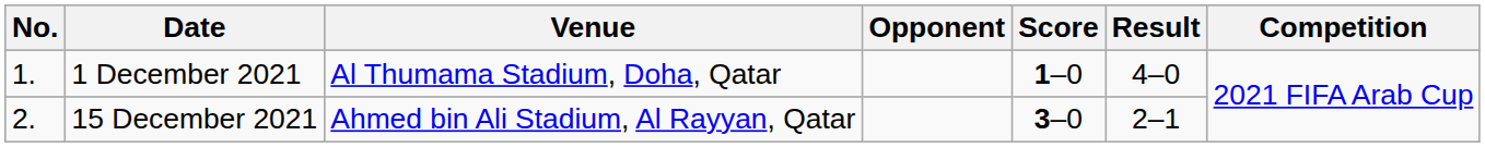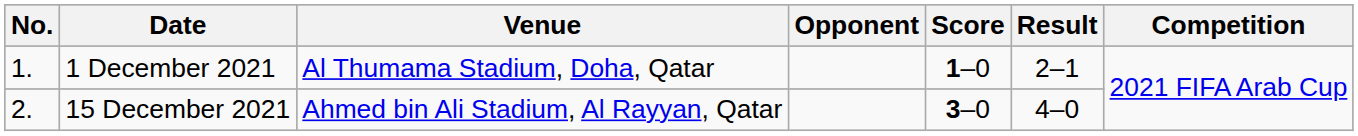 <table class="wikitable">
 <tr>
 <th>No.</th>
 <th>Date</th>
 <th>Venue</th>
 <th>Opponent</th>
 <th>Score</th>
 <th>Result</th>
 <th>Competition</th>
 </tr>
 <tr>
 <td>1.</td>
 <td>1 December 2021</td>
 <td><a href='#'>Al Thumama Stadium</a>, <a href='#'>Doha</a>, Qatar</td>
 <td></td>
 <td align=center><strong>1</strong>–0</td>
-<td align=center>4–0</td>
+<td align=center>2–1</td>
 <td rowspan=2><a href='#'>2021 FIFA Arab Cup</a></td>
 </tr>
 <tr>
 <td>2.</td>
 <td>15 December 2021</td>
 <td><a href='#'>Ahmed bin Ali Stadium</a>, <a href='#'>Al Rayyan</a>, Qatar</td>
 <td></td>
 <td align=center><strong>3</strong>–0</td>
-<td align=center>2–1</td>
+<td align=center>4–0</td>
 </tr>
 </table>
